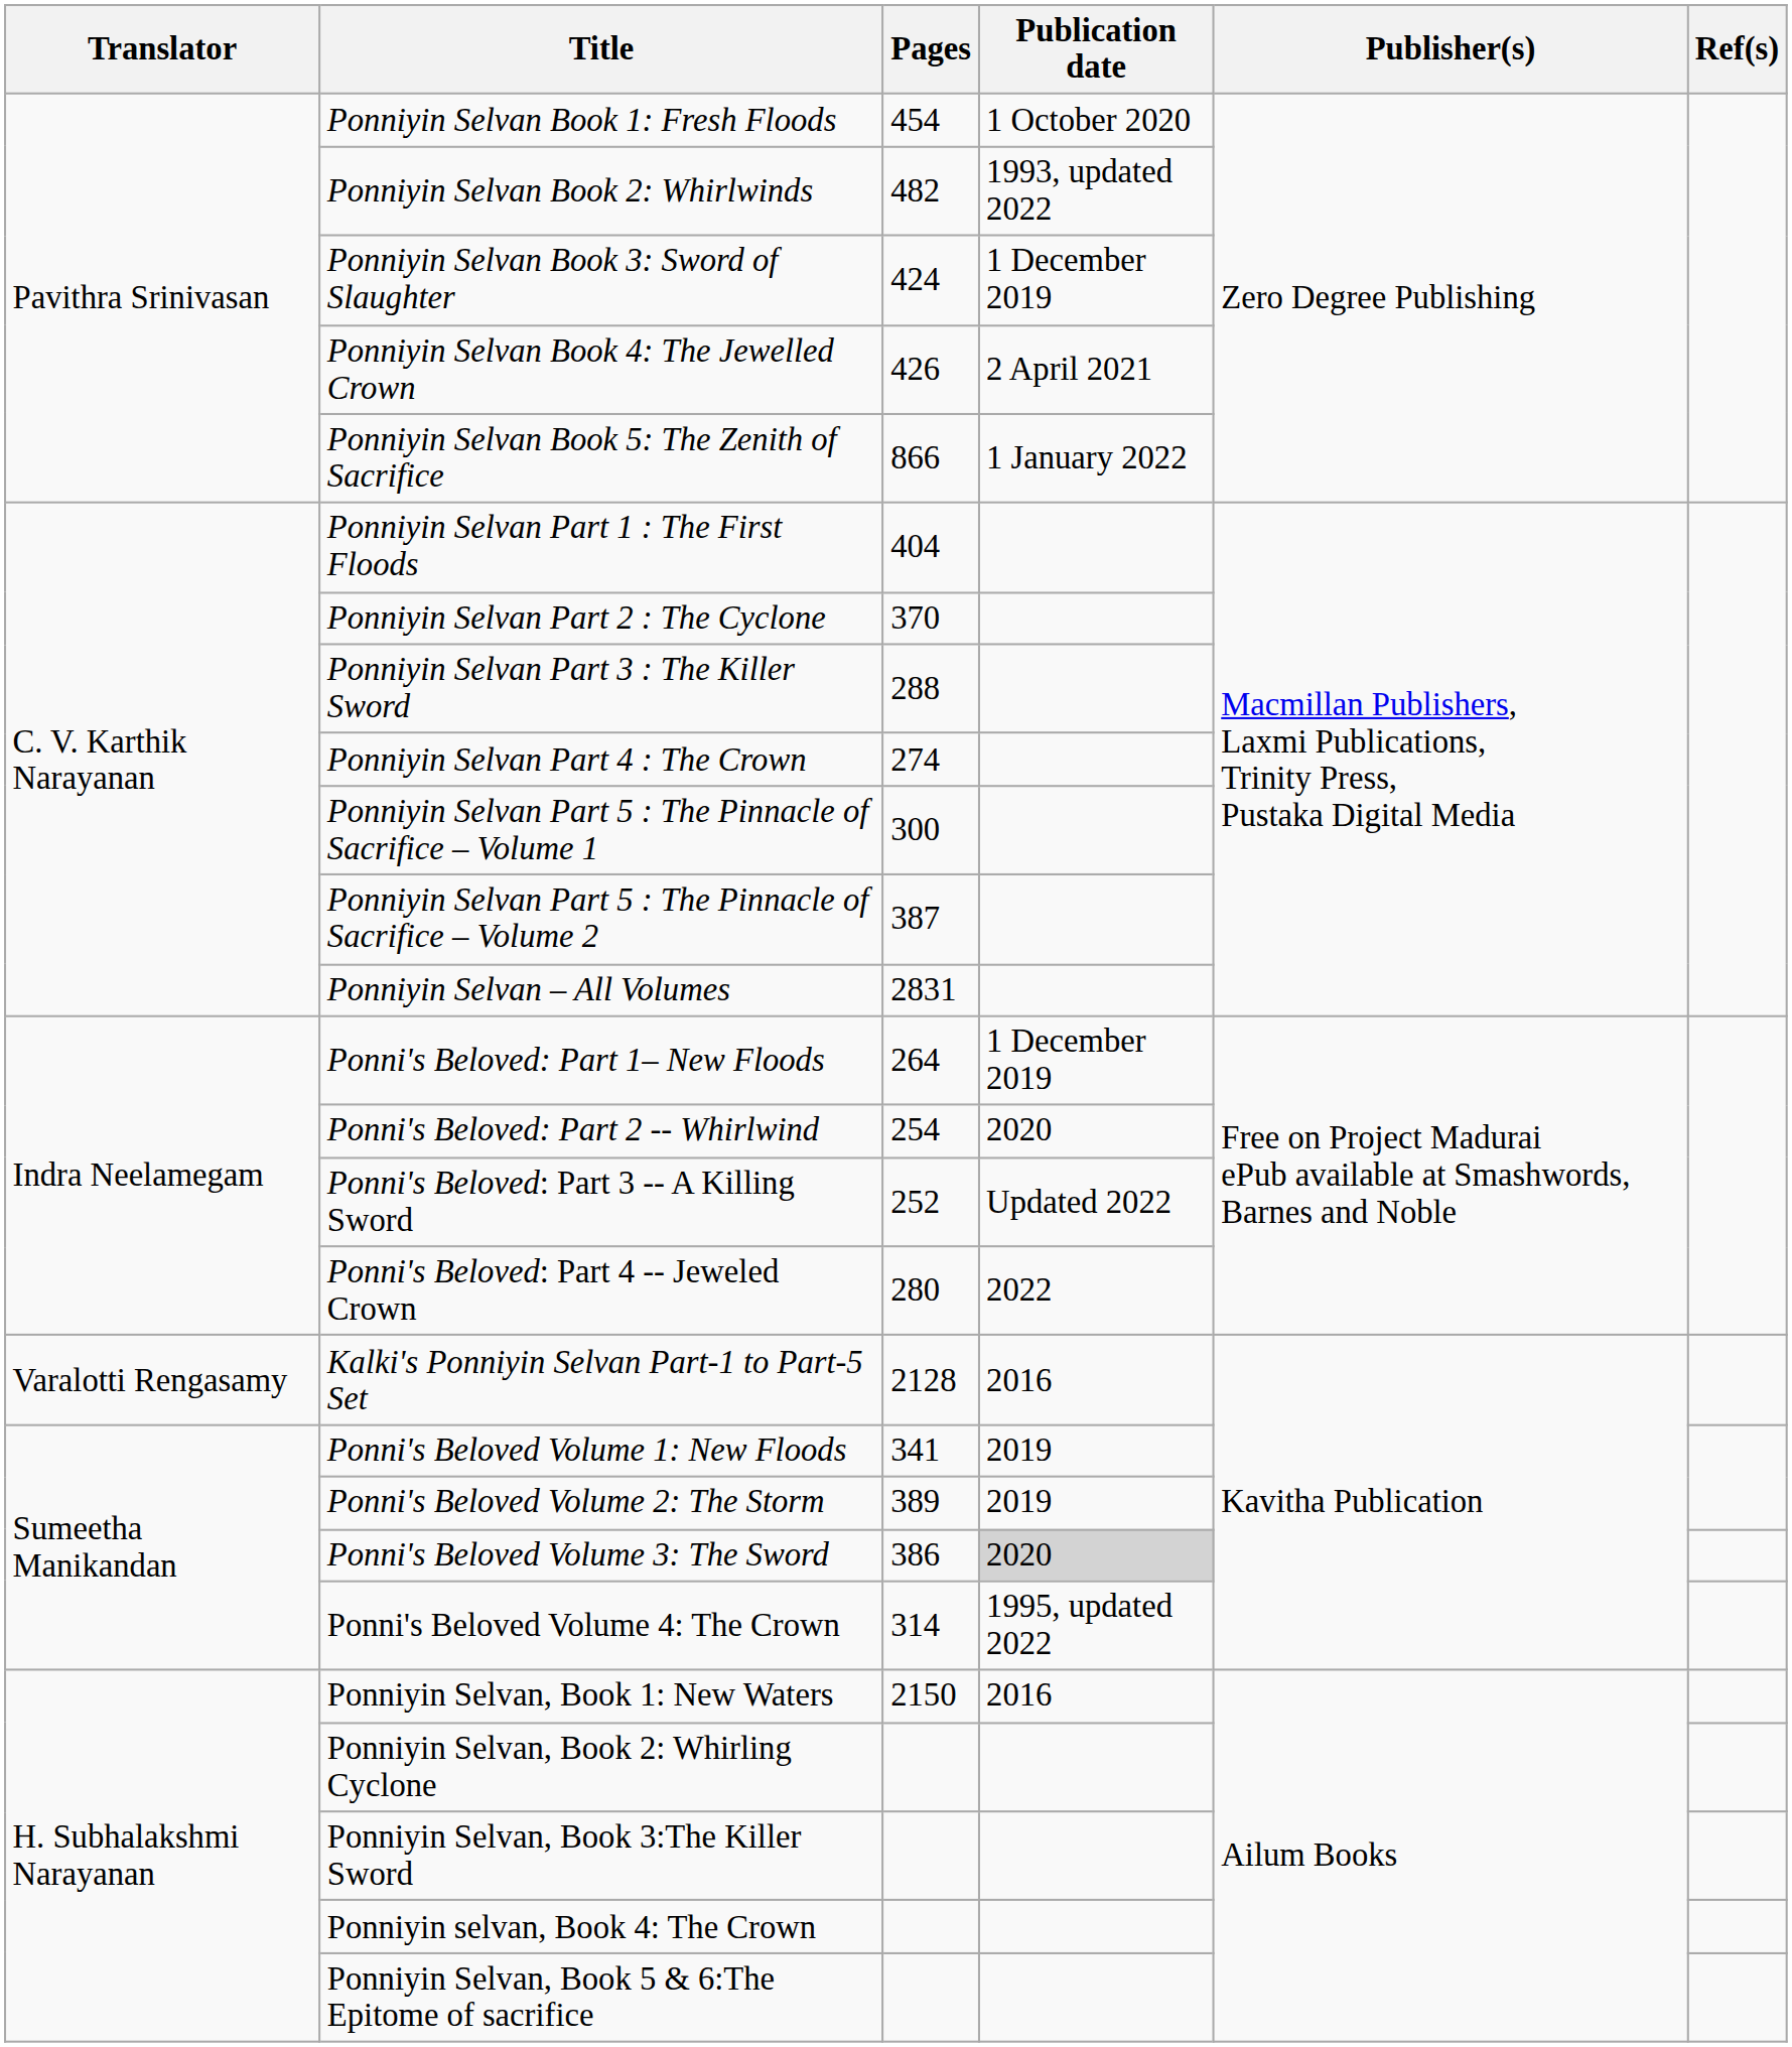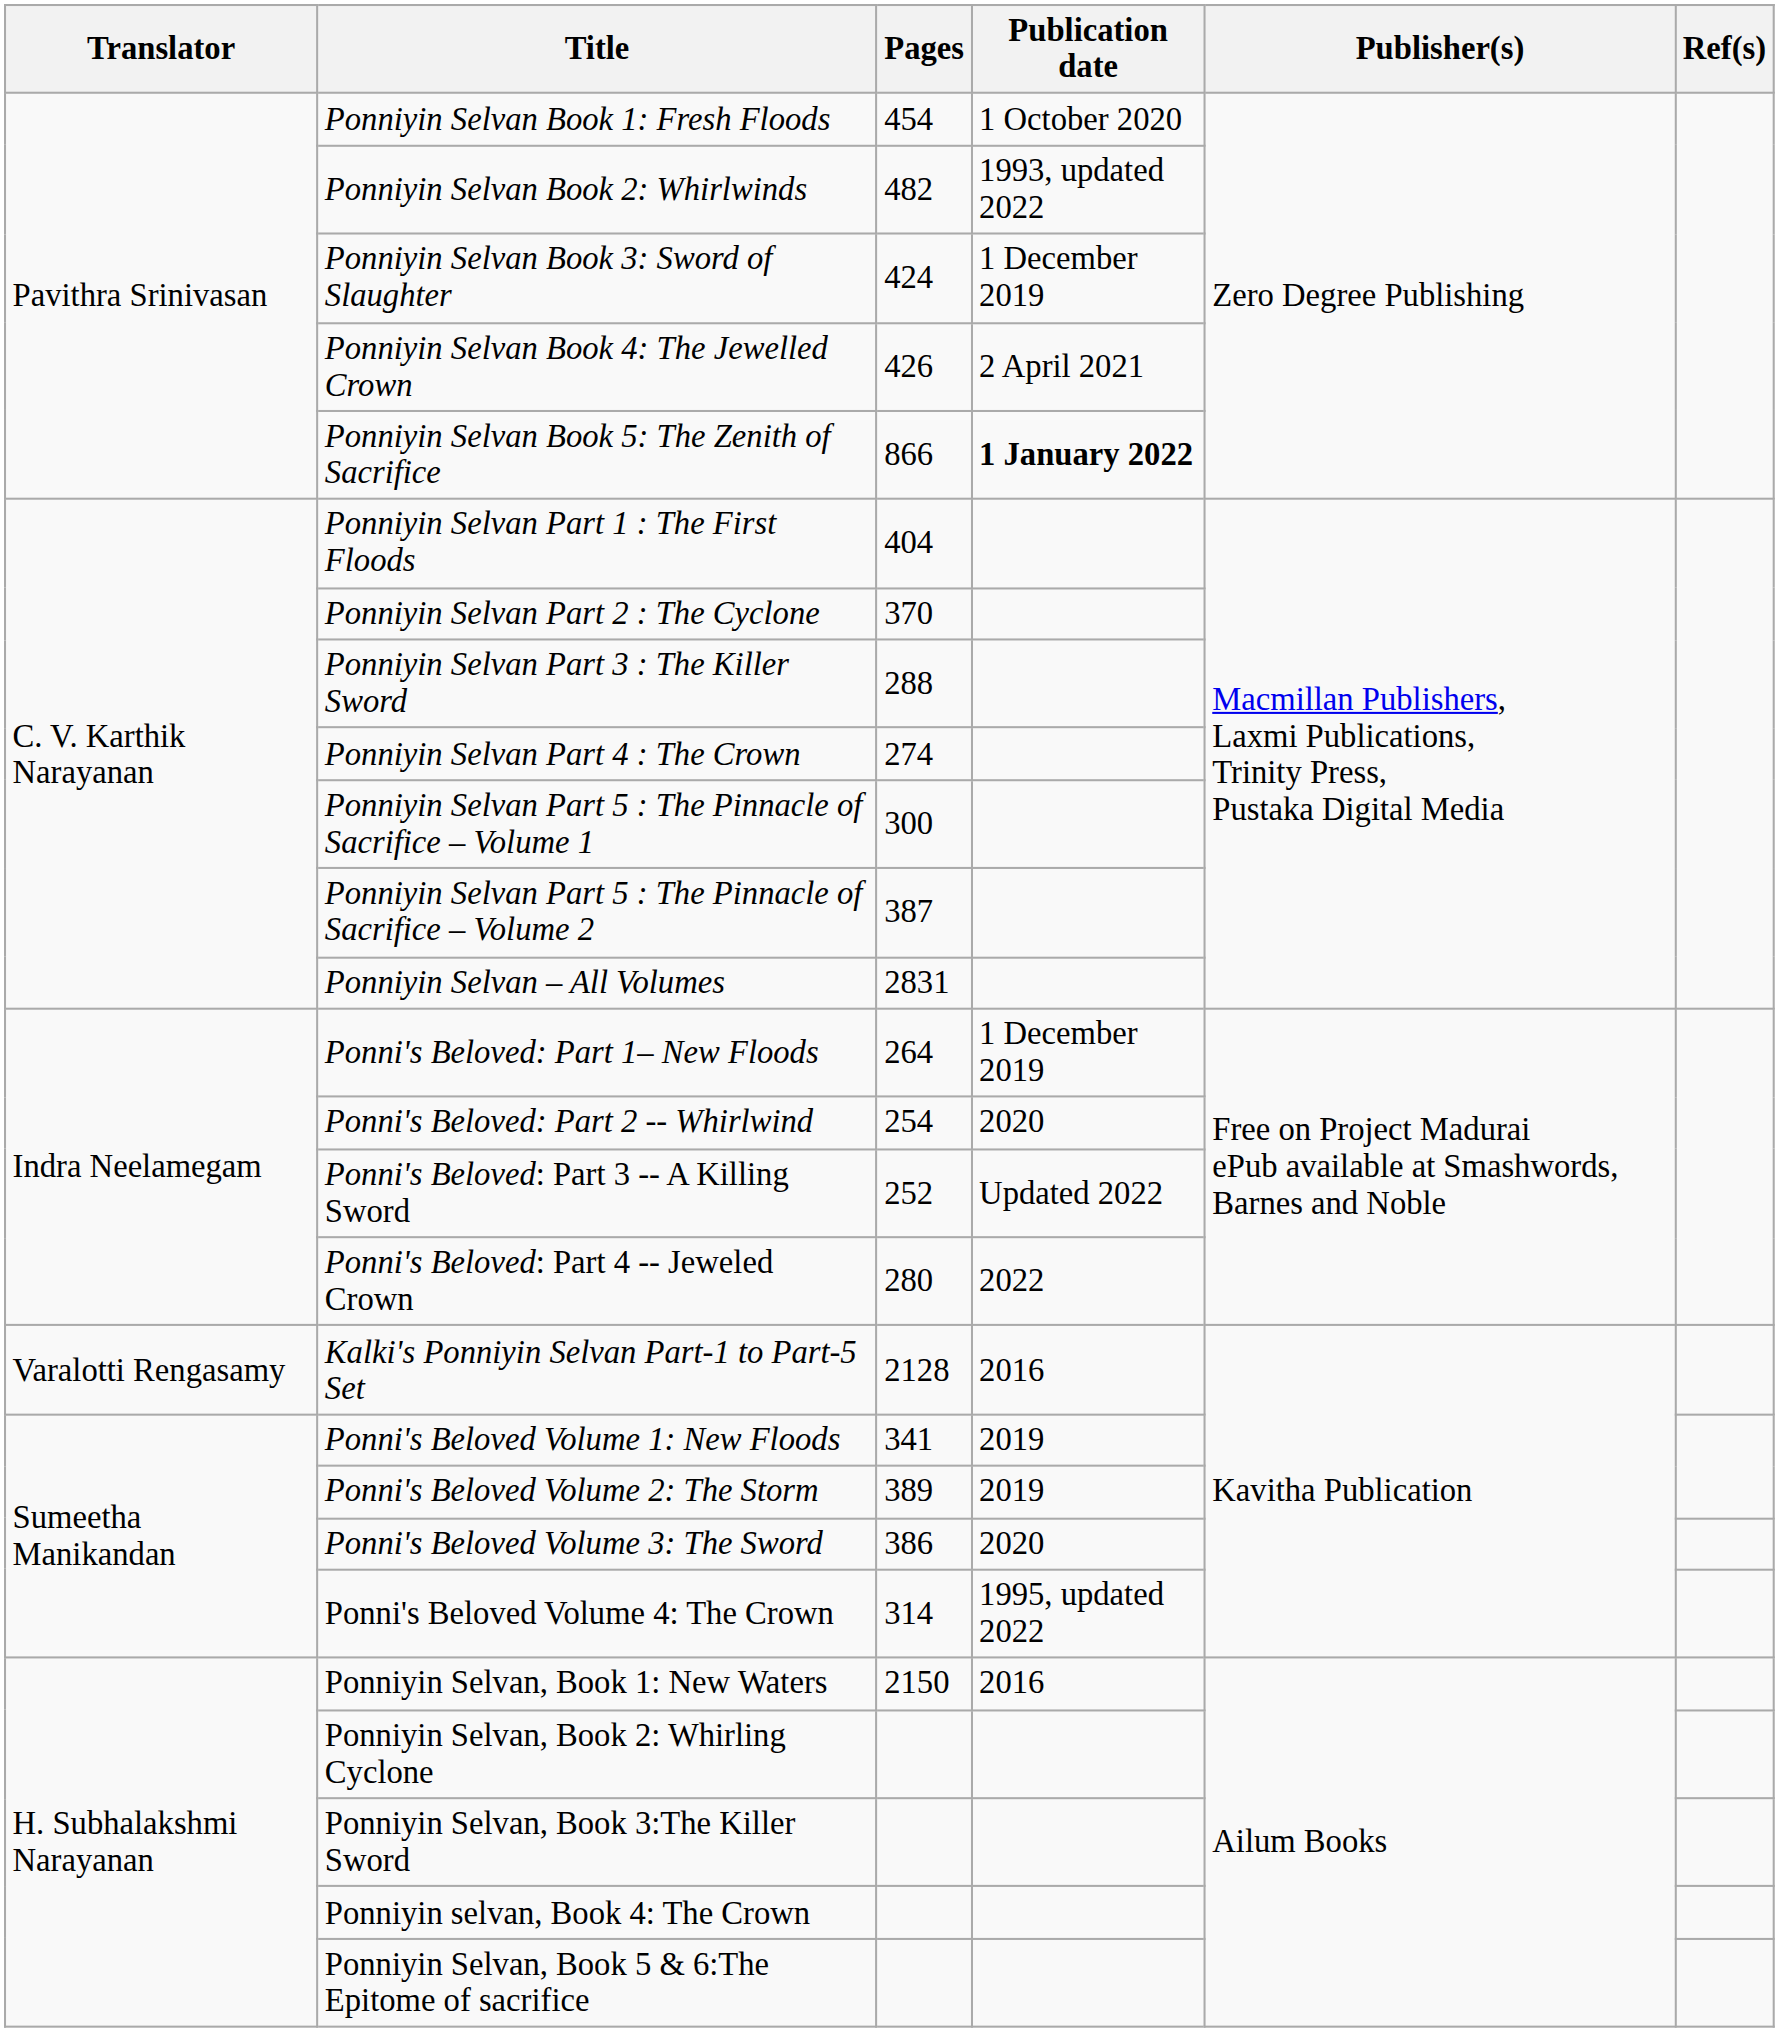 <table class="wikitable">
 <tr>
 <th>Translator</th>
 <th>Title</th>
 <th>Pages</th>
 <th>Publication date</th>
 <th>Publisher(s)</th>
 <th>Ref(s)</th>
 </tr>
 <tr>
 <td rowspan="5">Pavithra Srinivasan</td>
 <td><em>Ponniyin Selvan Book 1: Fresh Floods</em></td>
 <td>454</td>
 <td>1 October 2020</td>
 <td rowspan="5">Zero Degree Publishing</td>
 <td rowspan="5"></td>
 </tr>
 <tr>
 <td><em>Ponniyin Selvan Book 2: Whirlwinds</em></td>
 <td>482</td>
 <td>1993, updated 2022</td>
 </tr>
 <tr>
 <td><em>Ponniyin Selvan Book 3: Sword of Slaughter</em></td>
 <td>424</td>
 <td>1 December 2019</td>
 </tr>
 <tr>
 <td><em>Ponniyin Selvan Book 4: The Jewelled Crown</em></td>
 <td>426</td>
 <td>2 April 2021</td>
 </tr>
 <tr>
 <td><em>Ponniyin Selvan Book 5: The Zenith of Sacrifice</em></td>
 <td>866</td>
-<td>1 January 2022</td>
+<td><strong>1 January 2022</strong></td>
 </tr>
 <tr>
 <td rowspan="7">C. V. Karthik Narayanan</td>
 <td><em>Ponniyin Selvan Part 1 : The First Floods</em></td>
 <td>404</td>
 <td></td>
 <td rowspan="7"><a href='#'>Macmillan Publishers</a>,<br>Laxmi Publications,<br>Trinity Press,<br>Pustaka Digital Media <br></td>
 <td rowspan="7"></td>
 </tr>
 <tr>
 <td><em>Ponniyin Selvan Part 2 : The Cyclone</em></td>
 <td>370</td>
 <td></td>
 </tr>
 <tr>
 <td><em>Ponniyin Selvan Part 3 : The Killer Sword</em></td>
 <td>288</td>
 <td></td>
 </tr>
 <tr>
 <td><em>Ponniyin Selvan Part 4 : The Crown</em></td>
 <td>274</td>
 <td></td>
 </tr>
 <tr>
 <td><em>Ponniyin Selvan Part 5 : The Pinnacle of Sacrifice – Volume 1</em></td>
 <td>300</td>
 <td></td>
 </tr>
 <tr>
 <td><em>Ponniyin Selvan Part 5 : The Pinnacle of Sacrifice – Volume 2</em></td>
 <td>387</td>
 <td></td>
 </tr>
 <tr>
 <td><em>Ponniyin Selvan – All Volumes</em></td>
 <td>2831</td>
 <td></td>
 </tr>
 <tr>
 <td rowspan="4">Indra Neelamegam</td>
 <td><em>Ponni's Beloved: Part 1– New Floods</em></td>
 <td>264</td>
 <td>1 December 2019</td>
 <td rowspan="4">Free on Project Madurai<br>ePub available at Smashwords, Barnes and Noble</td>
 <td rowspan="4"></td>
 </tr>
 <tr>
 <td><em>Ponni's Beloved: Part 2  -- Whirlwind</em></td>
 <td>254</td>
 <td>2020</td>
 </tr>
 <tr>
 <td><em>Ponni's Beloved</em>: Part 3 -- A Killing Sword</td>
 <td>252</td>
 <td>Updated 2022</td>
 </tr>
 <tr>
 <td><em>Ponni's Beloved</em>: Part 4 -- Jeweled Crown</td>
 <td>280</td>
 <td>2022</td>
 </tr>
 <tr>
 <td>Varalotti Rengasamy</td>
 <td><em>Kalki's Ponniyin Selvan Part-1 to Part-5 Set</em></td>
 <td>2128</td>
 <td>2016</td>
 <td rowspan="5">Kavitha Publication</td>
 <td></td>
 </tr>
 <tr>
 <td rowspan="4">Sumeetha Manikandan</td>
 <td><em>Ponni's Beloved Volume 1: New Floods</em></td>
 <td>341</td>
 <td>2019</td>
 <td rowspan="2"></td>
 </tr>
 <tr>
 <td><em>Ponni's Beloved Volume 2: The Storm</em></td>
 <td>389</td>
 <td>2019</td>
 </tr>
 <tr>
 <td><em>Ponni's Beloved Volume 3: The Sword</em></td>
 <td>386</td>
-<td style="background: lightgrey;">2020</td>
+<td>2020</td>
 <td></td>
 </tr>
 <tr>
 <td>Ponni's Beloved Volume 4: The Crown</td>
 <td>314</td>
 <td>1995, updated 2022</td>
 <td></td>
 </tr>
 <tr>
 <td rowspan="5">H. Subhalakshmi Narayanan</td>
 <td>Ponniyin Selvan, Book 1: New Waters</td>
 <td>2150</td>
 <td>2016</td>
 <td rowspan="5">Ailum Books</td>
 <td></td>
 </tr>
 <tr>
 <td>Ponniyin Selvan, Book 2: Whirling Cyclone</td>
 <td></td>
 <td></td>
 <td></td>
 </tr>
 <tr>
 <td>Ponniyin Selvan, Book 3:The Killer Sword</td>
 <td></td>
 <td></td>
 <td></td>
 </tr>
 <tr>
 <td>Ponniyin selvan, Book 4: The Crown</td>
 <td></td>
 <td></td>
 <td></td>
 </tr>
 <tr>
 <td>Ponniyin Selvan, Book 5 & 6:The Epitome of sacrifice</td>
 <td></td>
 <td></td>
 <td></td>
 </tr>
 </table>
